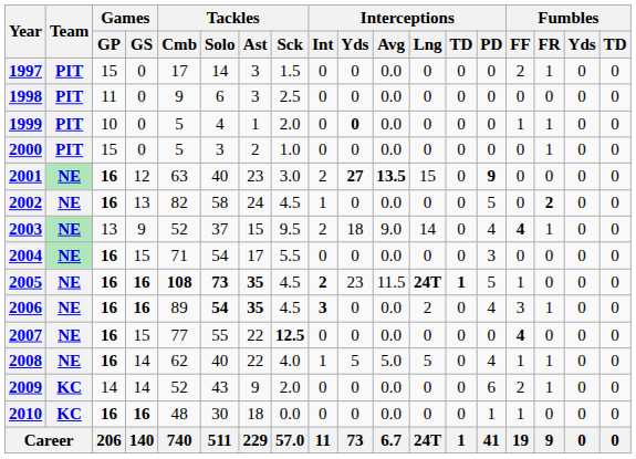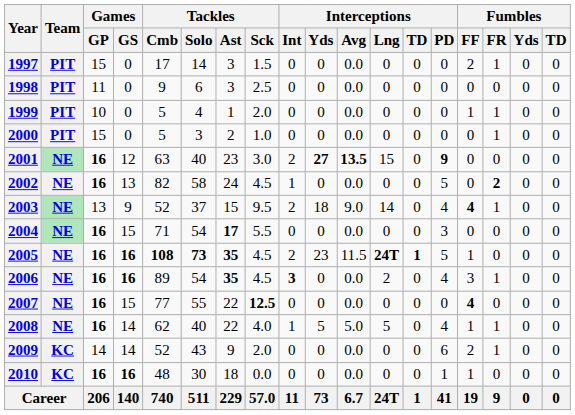 <table class="wikitable" style="text-align:center;">
 <tr>
 <th rowspan="2">Year</th>
 <th rowspan="2">Team</th>
 <th colspan="2">Games</th>
 <th colspan="4">Tackles</th>
 <th colspan="6">Interceptions</th>
 <th colspan="4">Fumbles</th>
 </tr>
 <tr>
 <th>GP</th>
 <th>GS</th>
 <th>Cmb</th>
 <th>Solo</th>
 <th>Ast</th>
 <th>Sck</th>
 <th>Int</th>
 <th>Yds</th>
 <th>Avg</th>
 <th>Lng</th>
 <th>TD</th>
 <th>PD</th>
 <th>FF</th>
 <th>FR</th>
 <th>Yds</th>
 <th>TD</th>
 </tr>
 <tr>
 <th><a href='#'>1997</a></th>
 <th><a href='#'>PIT</a></th>
 <td>15</td>
 <td>0</td>
 <td>17</td>
 <td>14</td>
 <td>3</td>
 <td>1.5</td>
 <td>0</td>
 <td>0</td>
 <td>0.0</td>
 <td>0</td>
 <td>0</td>
 <td>0</td>
 <td>2</td>
 <td>1</td>
 <td>0</td>
 <td>0</td>
 </tr>
 <tr>
 <th><a href='#'>1998</a></th>
 <th><a href='#'>PIT</a></th>
 <td>11</td>
 <td>0</td>
 <td>9</td>
 <td>6</td>
 <td>3</td>
 <td>2.5</td>
 <td>0</td>
 <td>0</td>
 <td>0.0</td>
 <td>0</td>
 <td>0</td>
 <td>0</td>
 <td>0</td>
 <td>0</td>
 <td>0</td>
 <td>0</td>
 </tr>
 <tr>
 <th><a href='#'>1999</a></th>
 <th><a href='#'>PIT</a></th>
 <td>10</td>
 <td>0</td>
 <td>5</td>
 <td>4</td>
 <td>1</td>
 <td>2.0</td>
 <td>0</td>
-<td><strong>0</strong></td>
+<td>0</td>
 <td>0.0</td>
 <td>0</td>
 <td>0</td>
 <td>0</td>
 <td>1</td>
 <td>1</td>
 <td>0</td>
 <td>0</td>
 </tr>
 <tr>
 <th><a href='#'>2000</a></th>
 <th><a href='#'>PIT</a></th>
 <td>15</td>
 <td>0</td>
 <td>5</td>
 <td>3</td>
 <td>2</td>
 <td>1.0</td>
 <td>0</td>
 <td>0</td>
 <td>0.0</td>
 <td>0</td>
 <td>0</td>
 <td>0</td>
 <td>0</td>
 <td>1</td>
 <td>0</td>
 <td>0</td>
 </tr>
 <tr>
 <th><a href='#'>2001</a></th>
 <th style="background:#afe6ba;"><a href='#'>NE</a></th>
 <td><strong>16</strong></td>
 <td>12</td>
 <td>63</td>
 <td>40</td>
 <td>23</td>
 <td>3.0</td>
 <td>2</td>
 <td><strong>27</strong></td>
 <td><strong>13.5</strong></td>
 <td>15</td>
 <td>0</td>
 <td><strong>9</strong></td>
 <td>0</td>
 <td>0</td>
 <td>0</td>
 <td>0</td>
 </tr>
 <tr>
 <th><a href='#'>2002</a></th>
 <th><a href='#'>NE</a></th>
 <td><strong>16</strong></td>
 <td>13</td>
 <td>82</td>
 <td>58</td>
 <td>24</td>
 <td>4.5</td>
 <td>1</td>
 <td>0</td>
 <td>0.0</td>
 <td>0</td>
 <td>0</td>
 <td>5</td>
 <td>0</td>
 <td><strong>2</strong></td>
 <td>0</td>
 <td>0</td>
 </tr>
 <tr>
 <th><a href='#'>2003</a></th>
 <th style="background:#afe6ba;"><a href='#'>NE</a></th>
 <td>13</td>
 <td>9</td>
 <td>52</td>
 <td>37</td>
 <td>15</td>
 <td>9.5</td>
 <td>2</td>
 <td>18</td>
 <td>9.0</td>
 <td>14</td>
 <td>0</td>
 <td>4</td>
 <td><strong>4</strong></td>
 <td>1</td>
 <td>0</td>
 <td>0</td>
 </tr>
 <tr>
 <th><a href='#'>2004</a></th>
 <th style="background:#afe6ba;"><a href='#'>NE</a></th>
 <td><strong>16</strong></td>
 <td>15</td>
 <td>71</td>
 <td>54</td>
-<td>17</td>
+<td><strong>17</strong></td>
 <td>5.5</td>
 <td>0</td>
 <td>0</td>
 <td>0.0</td>
 <td>0</td>
 <td>0</td>
 <td>3</td>
 <td>0</td>
 <td>0</td>
 <td>0</td>
 <td>0</td>
 </tr>
 <tr>
 <th><a href='#'>2005</a></th>
 <th><a href='#'>NE</a></th>
 <td><strong>16</strong></td>
 <td><strong>16</strong></td>
 <td><strong>108</strong></td>
 <td><strong>73</strong></td>
 <td><strong>35</strong></td>
 <td>4.5</td>
-<td><strong>2</strong></td>
+<td>2</td>
 <td>23</td>
 <td>11.5</td>
 <td><strong>24T</strong></td>
 <td><strong>1</strong></td>
 <td>5</td>
 <td>1</td>
 <td>0</td>
 <td>0</td>
 <td>0</td>
 </tr>
 <tr>
 <th><a href='#'>2006</a></th>
 <th><a href='#'>NE</a></th>
 <td><strong>16</strong></td>
 <td><strong>16</strong></td>
 <td>89</td>
-<td><strong>54</strong></td>
+<td>54</td>
 <td><strong>35</strong></td>
 <td>4.5</td>
 <td><strong>3</strong></td>
 <td>0</td>
 <td>0.0</td>
 <td>2</td>
 <td>0</td>
 <td>4</td>
 <td>3</td>
 <td>1</td>
 <td>0</td>
 <td>0</td>
 </tr>
 <tr>
 <th><a href='#'>2007</a></th>
 <th><a href='#'>NE</a></th>
 <td><strong>16</strong></td>
 <td>15</td>
 <td>77</td>
 <td>55</td>
 <td>22</td>
 <td><strong>12.5</strong></td>
 <td>0</td>
 <td>0</td>
 <td>0.0</td>
 <td>0</td>
 <td>0</td>
 <td>0</td>
 <td><strong>4</strong></td>
 <td>0</td>
 <td>0</td>
 <td>0</td>
 </tr>
 <tr>
 <th><a href='#'>2008</a></th>
 <th><a href='#'>NE</a></th>
 <td><strong>16</strong></td>
 <td>14</td>
 <td>62</td>
 <td>40</td>
 <td>22</td>
 <td>4.0</td>
 <td>1</td>
 <td>5</td>
 <td>5.0</td>
 <td>5</td>
 <td>0</td>
 <td>4</td>
 <td>1</td>
 <td>1</td>
 <td>0</td>
 <td>0</td>
 </tr>
 <tr>
 <th><a href='#'>2009</a></th>
 <th><a href='#'>KC</a></th>
 <td>14</td>
 <td>14</td>
 <td>52</td>
 <td>43</td>
 <td>9</td>
 <td>2.0</td>
 <td>0</td>
 <td>0</td>
 <td>0.0</td>
 <td>0</td>
 <td>0</td>
 <td>6</td>
 <td>2</td>
 <td>1</td>
 <td>0</td>
 <td>0</td>
 </tr>
 <tr>
 <th><a href='#'>2010</a></th>
 <th><a href='#'>KC</a></th>
 <td><strong>16</strong></td>
 <td><strong>16</strong></td>
 <td>48</td>
 <td>30</td>
 <td>18</td>
 <td>0.0</td>
 <td>0</td>
 <td>0</td>
 <td>0.0</td>
 <td>0</td>
 <td>0</td>
 <td>1</td>
 <td>1</td>
 <td>0</td>
 <td>0</td>
 <td>0</td>
 </tr>
 <tr>
 <th colspan="2">Career</th>
 <th>206</th>
 <th>140</th>
 <th>740</th>
 <th>511</th>
 <th>229</th>
 <th>57.0</th>
 <th>11</th>
 <th>73</th>
 <th>6.7</th>
 <th>24T</th>
 <th>1</th>
 <th>41</th>
 <th>19</th>
 <th>9</th>
 <th>0</th>
 <th>0</th>
 </tr>
 </table>
